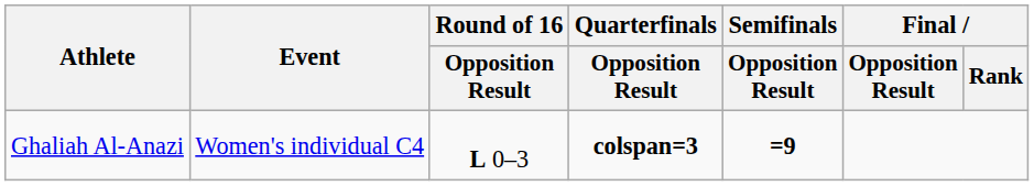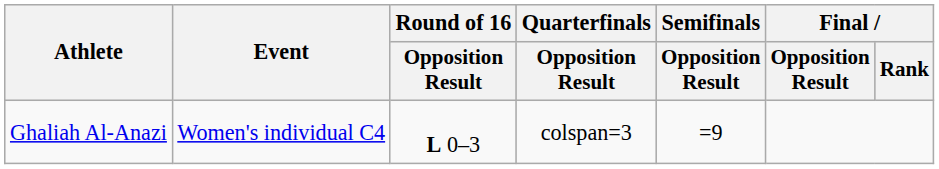 <table class=wikitable style=font-size:90%;text-align:center>
 <tr>
 <th rowspan=2>Athlete</th>
 <th rowspan=2>Event</th>
 <th>Round of 16</th>
 <th>Quarterfinals</th>
 <th>Semifinals</th>
 <th colspan=2>Final / </th>
 </tr>
 <tr style=font-size:95%>
 <th>Opposition<br>Result</th>
 <th>Opposition<br>Result</th>
 <th>Opposition<br>Result</th>
 <th>Opposition<br>Result</th>
 <th>Rank</th>
 </tr>
 <tr>
 <td align=left><a href='#'>Ghaliah Al-Anazi</a></td>
 <td align=left><a href='#'>Women's individual C4</a></td>
 <td><br><strong>L</strong> 0–3</td>
-<td><strong>colspan=3 </strong></td>
-<td><strong>=9</strong></td>
+<td>colspan=3 </td>
+<td>=9</td>
 </tr>
 </table>
